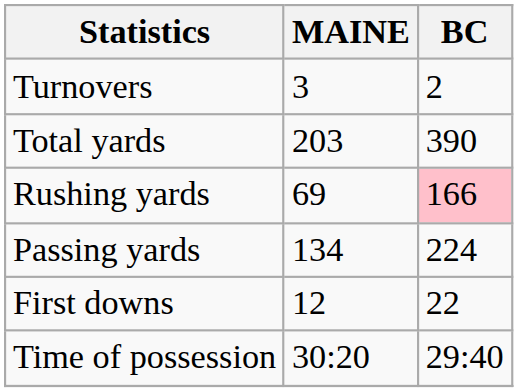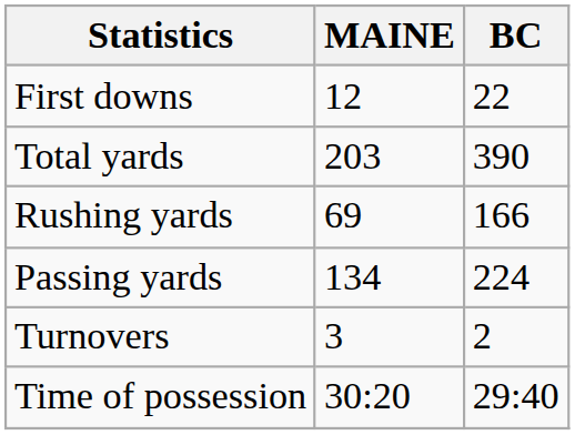 <table class="wikitable">
 <tr>
 <th>Statistics</th>
 <th>MAINE</th>
 <th>BC</th>
 </tr>
 <tr>
-<td>Turnovers</td>
-<td>3</td>
-<td>2</td>
+<td>First downs</td>
+<td>12</td>
+<td>22</td>
 </tr>
 <tr>
 <td>Total yards</td>
 <td>203</td>
 <td>390</td>
 </tr>
 <tr>
 <td>Rushing yards</td>
 <td>69</td>
-<td style="background: pink;">166</td>
+<td>166</td>
 </tr>
 <tr>
 <td>Passing yards</td>
 <td>134</td>
 <td>224</td>
 </tr>
 <tr>
-<td>First downs</td>
-<td>12</td>
-<td>22</td>
+<td>Turnovers</td>
+<td>3</td>
+<td>2</td>
 </tr>
 <tr>
 <td>Time of possession</td>
 <td>30:20</td>
 <td>29:40</td>
 </tr>
 <tr>
 </tr>
 </table>
